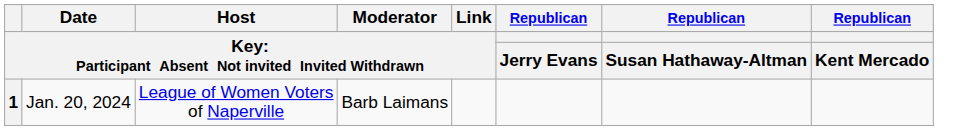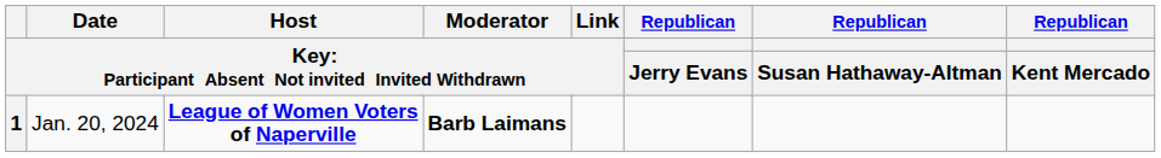 <table class="wikitable" style="text-align:center;">
 <tr>
 <th scope="col"></th>
 <th scope="col">Date</th>
 <th scope="col">Host</th>
 <th scope="col">Moderator</th>
 <th scope="col">Link</th>
 <th scope="col"><small><a href='#'>Republican</a></small></th>
 <th scope="col"><small><a href='#'>Republican</a></small></th>
 <th scope="col"><small><a href='#'>Republican</a></small></th>
 </tr>
 <tr>
 <th colspan="5" rowspan="2">Key:<br> <small>Participant </small>  <small>Absent </small>  <small>Not invited </small>  <small>Invited  Withdrawn</small></th>
 <th scope="col" style="background:"></th>
 <th scope="col" style="background:"></th>
 <th scope="col" style="background:"></th>
 </tr>
 <tr>
 <th scope="col">Jerry Evans</th>
 <th scope="col">Susan Hathaway-Altman</th>
 <th scope="col">Kent Mercado</th>
 </tr>
 <tr>
 <th>1</th>
 <td style="white-space:nowrap;">Jan. 20, 2024</td>
-<td style="white-space:nowrap;"><a href='#'>League of Women Voters</a><br>of <a href='#'>Naperville</a></td>
-<td style="white-space:nowrap;">Barb Laimans</td>
+<td style="white-space:nowrap;"><strong><a href='#'>League of Women Voters</a><br>of <a href='#'>Naperville</a></strong></td>
+<td style="white-space:nowrap;"><strong>Barb Laimans</strong></td>
 <td style="white-space:nowrap;"></td>
 <td></td>
 <td></td>
 <td></td>
 </tr>
 </table>
